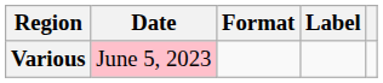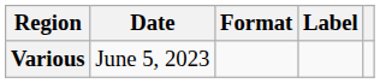 <table class="wikitable plainrowheaders">
 <tr>
 <th scope="col">Region</th>
 <th scope="col">Date</th>
 <th scope="col">Format</th>
 <th scope="col">Label</th>
 <th scope="col"></th>
 </tr>
 <tr>
 <th scope="row" rowspan="2">Various</th>
-<td style="background: pink;">June 5, 2023</td>
+<td>June 5, 2023</td>
 <td></td>
 <td></td>
 <td align="center"></td>
 </tr>
 </table>
